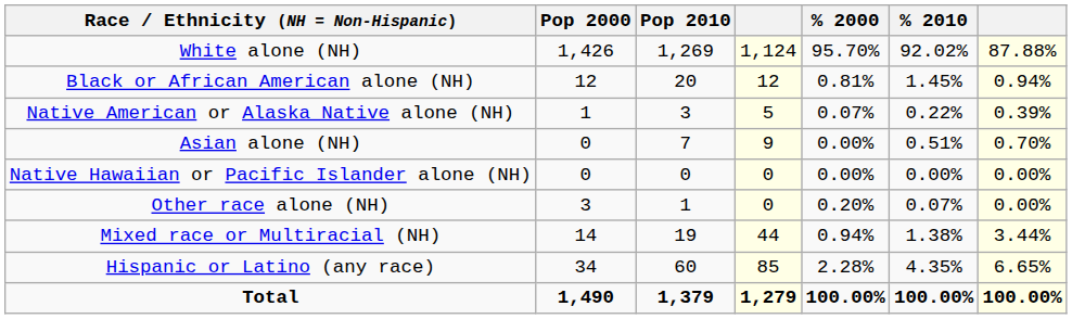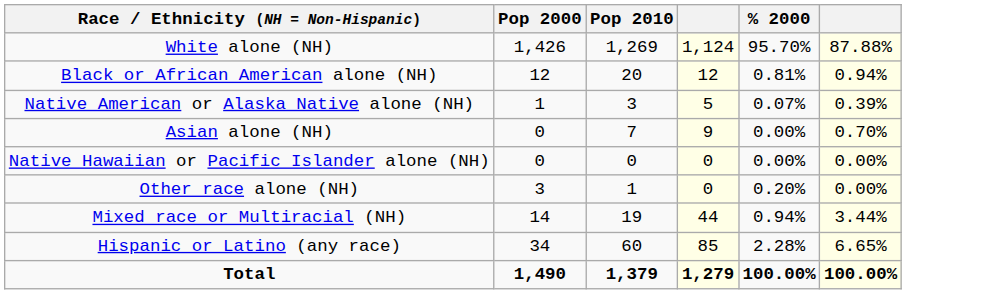 <table class="wikitable" style="text-align:center;">
 <tr>
 <th>Race / Ethnicity <small>(<em>NH = Non-Hispanic</em>)</small></th>
 <th>Pop 2000</th>
 <th>Pop 2010</th>
 <th></th>
 <th>% 2000</th>
-<th>% 2010</th>
 <th></th>
 </tr>
 <tr>
 <td><a href='#'>White</a> alone (NH)</td>
 <td>1,426</td>
 <td>1,269</td>
 <td style='background: #ffffe6;'>1,124</td>
 <td>95.70%</td>
-<td>92.02%</td>
 <td style='background: #ffffe6;'>87.88%</td>
 </tr>
 <tr>
 <td><a href='#'>Black or African American</a> alone (NH)</td>
 <td>12</td>
 <td>20</td>
 <td style='background: #ffffe6;'>12</td>
 <td>0.81%</td>
-<td>1.45%</td>
 <td style='background: #ffffe6;'>0.94%</td>
 </tr>
 <tr>
 <td><a href='#'>Native American</a> or <a href='#'>Alaska Native</a> alone (NH)</td>
 <td>1</td>
 <td>3</td>
 <td style='background: #ffffe6;'>5</td>
 <td>0.07%</td>
-<td>0.22%</td>
 <td style='background: #ffffe6;'>0.39%</td>
 </tr>
 <tr>
 <td><a href='#'>Asian</a> alone (NH)</td>
 <td>0</td>
 <td>7</td>
 <td style='background: #ffffe6;'>9</td>
 <td>0.00%</td>
-<td>0.51%</td>
 <td style='background: #ffffe6;'>0.70%</td>
 </tr>
 <tr>
 <td><a href='#'>Native Hawaiian</a> or <a href='#'>Pacific Islander</a> alone (NH)</td>
 <td>0</td>
 <td>0</td>
 <td style='background: #ffffe6;'>0</td>
-<td>0.00%</td>
 <td>0.00%</td>
 <td style='background: #ffffe6;'>0.00%</td>
 </tr>
 <tr>
 <td><a href='#'>Other race</a> alone (NH)</td>
 <td>3</td>
 <td>1</td>
 <td style='background: #ffffe6;'>0</td>
 <td>0.20%</td>
-<td>0.07%</td>
 <td style='background: #ffffe6;'>0.00%</td>
 </tr>
 <tr>
 <td><a href='#'>Mixed race or Multiracial</a> (NH)</td>
 <td>14</td>
 <td>19</td>
 <td style='background: #ffffe6;'>44</td>
 <td>0.94%</td>
-<td>1.38%</td>
 <td style='background: #ffffe6;'>3.44%</td>
 </tr>
 <tr>
 <td><a href='#'>Hispanic or Latino</a> (any race)</td>
 <td>34</td>
 <td>60</td>
 <td style='background: #ffffe6;'>85</td>
 <td>2.28%</td>
-<td>4.35%</td>
 <td style='background: #ffffe6;'>6.65%</td>
 </tr>
 <tr>
 <td><strong>Total</strong></td>
 <td><strong>1,490</strong></td>
 <td><strong>1,379</strong></td>
 <td style='background: #ffffe6;'><strong>1,279</strong></td>
 <td><strong>100.00%</strong></td>
-<td><strong>100.00%</strong></td>
 <td style='background: #ffffe6;'><strong>100.00%</strong></td>
 </tr>
 </table>
